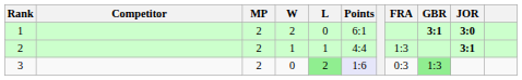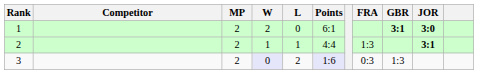 <table class="wikitable" style="text-align:center">
 <tr>
 <th>Rank</th>
 <th style="width:18em">Competitor</th>
 <th style="width:2.5em">MP</th>
 <th style="width:2.5em">W</th>
 <th style="width:2.5em">L</th>
 <th>Points</th>
 <th rowspan="4"> </th>
 <th style="width:2.5em">FRA</th>
 <th style="width:2.5em">GBR</th>
 <th style="width:2.5em">JOR</th>
 <th style="width:2.5em"></th>
 </tr>
 <tr style="background:#cfc;">
 <td>1</td>
 <td style="text-align:left"></td>
 <td>2</td>
 <td>2</td>
 <td>0</td>
 <td>6:1</td>
 <td></td>
 <td><strong>3:1</strong></td>
 <td><strong>3:0</strong></td>
 <td></td>
 </tr>
 <tr style="background:#cfc;">
 <td>2</td>
 <td style="text-align:left"></td>
 <td>2</td>
 <td>1</td>
 <td>1</td>
 <td>4:4</td>
 <td>1:3</td>
 <td></td>
 <td><strong>3:1</strong></td>
 <td></td>
 </tr>
 <tr>
 <td>3</td>
 <td style="text-align:left"></td>
 <td>2</td>
-<td>0</td>
-<td style="background: lightgreen;">2</td>
+<td style="background: lavender;">0</td>
+<td>2</td>
 <td style="background: lavender;">1:6</td>
 <td>0:3</td>
-<td style="background: lightgreen;">1:3</td>
+<td>1:3</td>
 <td></td>
 <td></td>
 </tr>
 </table>
